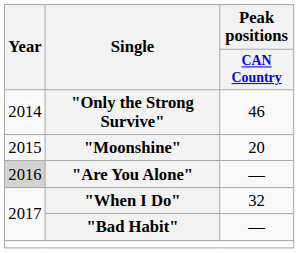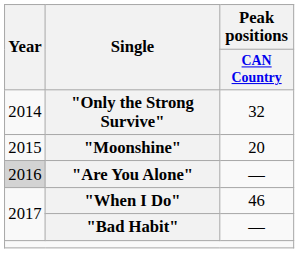 <table class="wikitable plainrowheaders" style="text-align:center;">
 <tr>
 <th rowspan="2" style="width:1em;">Year</th>
 <th rowspan="2" style="width:10em;">Single</th>
 <th>Peak positions</th>
 </tr>
 <tr style="font-size:smaller;">
 <th width="65"><a href='#'>CAN Country</a><br></th>
 </tr>
 <tr>
 <td>2014</td>
 <th scope="row">"Only the Strong Survive"</th>
-<td>46</td>
+<td>32</td>
 </tr>
 <tr>
 <td>2015</td>
 <th scope="row">"Moonshine"</th>
 <td>20</td>
 </tr>
 <tr>
 <td style="background: lightgrey;">2016</td>
 <th scope="row">"Are You Alone"</th>
 <td>—</td>
 </tr>
 <tr>
 <td rowspan="2">2017</td>
 <th scope="row">"When I Do"</th>
-<td>32</td>
+<td>46</td>
 </tr>
 <tr>
 <th scope="row">"Bad Habit"</th>
 <td>—</td>
 </tr>
 <tr>
 <td colspan="3"></td>
 </tr>
 </table>
